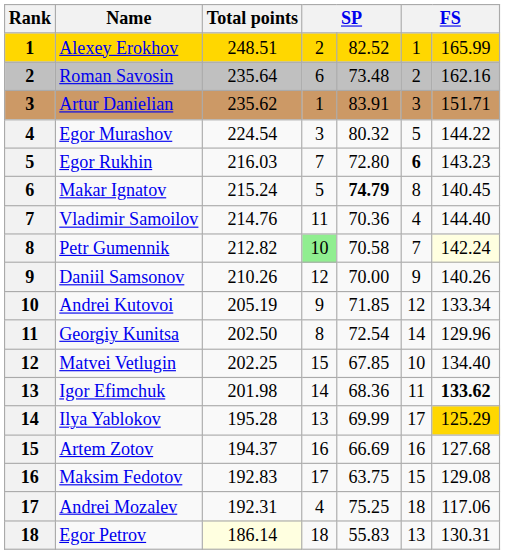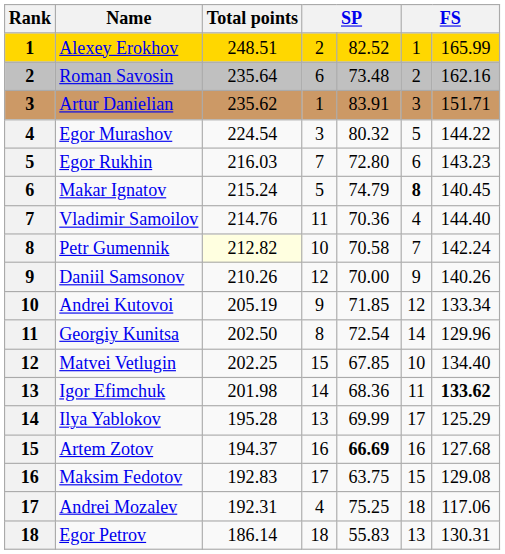 <table class="wikitable sortable">
 <tr>
 <th>Rank</th>
 <th>Name</th>
 <th>Total points</th>
 <th colspan="2" width="80px"><a href='#'>SP</a></th>
 <th colspan="2" width="80px"><a href='#'>FS</a></th>
 </tr>
 <tr bgcolor="gold">
 <td align="center"><strong>1</strong></td>
 <td><a href='#'>Alexey Erokhov</a></td>
 <td align="center">248.51</td>
 <td align="center">2</td>
 <td align="center">82.52</td>
 <td align="center">1</td>
 <td align="center">165.99</td>
 </tr>
 <tr bgcolor="silver">
 <td align="center"><strong>2</strong></td>
 <td><a href='#'>Roman Savosin</a></td>
 <td align="center">235.64</td>
 <td align="center">6</td>
 <td align="center">73.48</td>
 <td align="center">2</td>
 <td align="center">162.16</td>
 </tr>
 <tr bgcolor="cc9966">
 <td align="center"><strong>3</strong></td>
 <td><a href='#'>Artur Danielian</a></td>
 <td align="center">235.62</td>
 <td align="center">1</td>
 <td align="center">83.91</td>
 <td align="center">3</td>
 <td align="center">151.71</td>
 </tr>
 <tr>
 <th>4</th>
 <td><a href='#'>Egor Murashov</a></td>
 <td align="center">224.54</td>
 <td align="center">3</td>
 <td align="center">80.32</td>
 <td align="center">5</td>
 <td align="center">144.22</td>
 </tr>
 <tr>
 <th>5</th>
 <td><a href='#'>Egor Rukhin</a></td>
 <td align="center">216.03</td>
 <td align="center">7</td>
 <td align="center">72.80</td>
-<td align="center"><strong>6</strong></td>
+<td align="center">6</td>
 <td align="center">143.23</td>
 </tr>
 <tr>
 <th>6</th>
 <td><a href='#'>Makar Ignatov</a></td>
 <td align="center">215.24</td>
 <td align="center">5</td>
-<td align="center"><strong>74.79</strong></td>
-<td align="center">8</td>
+<td align="center">74.79</td>
+<td align="center"><strong>8</strong></td>
 <td align="center">140.45</td>
 </tr>
 <tr>
 <th>7</th>
 <td><a href='#'>Vladimir Samoilov</a></td>
 <td align="center">214.76</td>
 <td align="center">11</td>
 <td align="center">70.36</td>
 <td align="center">4</td>
 <td align="center">144.40</td>
 </tr>
 <tr>
 <th>8</th>
 <td><a href='#'>Petr Gumennik</a></td>
-<td align="center">212.82</td>
-<td align="center" style="background: lightgreen;">10</td>
+<td align="center" style="background: lightyellow;">212.82</td>
+<td align="center">10</td>
 <td align="center">70.58</td>
 <td align="center">7</td>
-<td align="center" style="background: lightyellow;">142.24</td>
+<td align="center">142.24</td>
 </tr>
 <tr>
 <th>9</th>
 <td><a href='#'>Daniil Samsonov</a></td>
 <td align="center">210.26</td>
 <td align="center">12</td>
 <td align="center">70.00</td>
 <td align="center">9</td>
 <td align="center">140.26</td>
 </tr>
 <tr>
 <th>10</th>
 <td><a href='#'>Andrei Kutovoi</a></td>
 <td align="center">205.19</td>
 <td align="center">9</td>
 <td align="center">71.85</td>
 <td align="center">12</td>
 <td align="center">133.34</td>
 </tr>
 <tr>
 <th>11</th>
 <td><a href='#'>Georgiy Kunitsa</a></td>
 <td align="center">202.50</td>
 <td align="center">8</td>
 <td align="center">72.54</td>
 <td align="center">14</td>
 <td align="center">129.96</td>
 </tr>
 <tr>
 <th>12</th>
 <td><a href='#'>Matvei Vetlugin</a></td>
 <td align="center">202.25</td>
 <td align="center">15</td>
 <td align="center">67.85</td>
 <td align="center">10</td>
 <td align="center">134.40</td>
 </tr>
 <tr>
 <th>13</th>
 <td><a href='#'>Igor Efimchuk</a></td>
 <td align="center">201.98</td>
 <td align="center">14</td>
 <td align="center">68.36</td>
 <td align="center">11</td>
 <td align="center"><strong>133.62</strong></td>
 </tr>
 <tr>
 <th>14</th>
 <td><a href='#'>Ilya Yablokov</a></td>
 <td align="center">195.28</td>
 <td align="center">13</td>
 <td align="center">69.99</td>
 <td align="center">17</td>
-<td align="center" style="background: gold;">125.29</td>
+<td align="center">125.29</td>
 </tr>
 <tr>
 <th>15</th>
 <td><a href='#'>Artem Zotov</a></td>
 <td align="center">194.37</td>
 <td align="center">16</td>
-<td align="center">66.69</td>
+<td align="center"><strong>66.69</strong></td>
 <td align="center">16</td>
 <td align="center">127.68</td>
 </tr>
 <tr>
 <th>16</th>
 <td><a href='#'>Maksim Fedotov</a></td>
 <td align="center">192.83</td>
 <td align="center">17</td>
 <td align="center">63.75</td>
 <td align="center">15</td>
 <td align="center">129.08</td>
 </tr>
 <tr>
 <th>17</th>
 <td><a href='#'>Andrei Mozalev</a></td>
 <td align="center">192.31</td>
 <td align="center">4</td>
 <td align="center">75.25</td>
 <td align="center">18</td>
 <td align="center">117.06</td>
 </tr>
 <tr>
 <th>18</th>
 <td><a href='#'>Egor Petrov</a></td>
-<td align="center" style="background: lightyellow;">186.14</td>
+<td align="center">186.14</td>
 <td align="center">18</td>
 <td align="center">55.83</td>
 <td align="center">13</td>
 <td align="center">130.31</td>
 </tr>
 </table>
